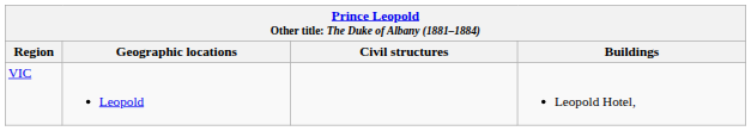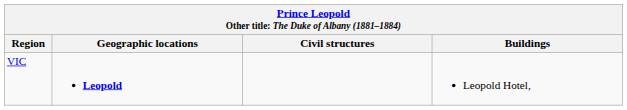 <table class="wikitable" width="100%">
 <tr>
 <th colspan="4"> <a href='#'>Prince Leopold</a><br><small>Other title: <em>The Duke of Albany (1881–1884)</em></small></th>
 </tr>
 <tr>
 <th width="5%">Region</th>
 <th width="23.75%">Geographic locations</th>
 <th width="23.75%">Civil structures</th>
 <th width="23.75%">Buildings</th>
 </tr>
 <tr>
 <td align=left valign=top> <a href='#'>VIC</a></td>
-<td><br><ul><li><a href='#'>Leopold</a></li></ul></td>
+<td><strong><br><ul><li><a href='#'>Leopold</a></li></ul></strong></td>
 <td></td>
 <td><br><ul><li>Leopold Hotel, </li></ul></td>
 </tr>
 </table>
